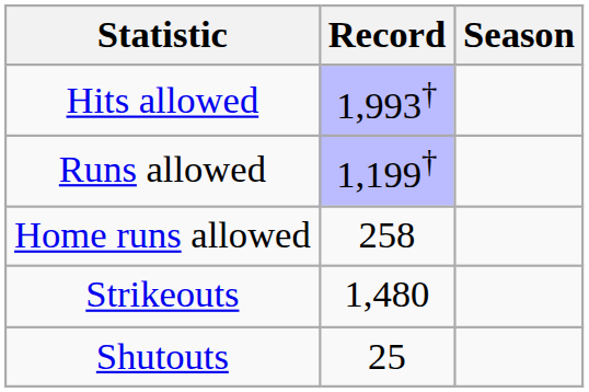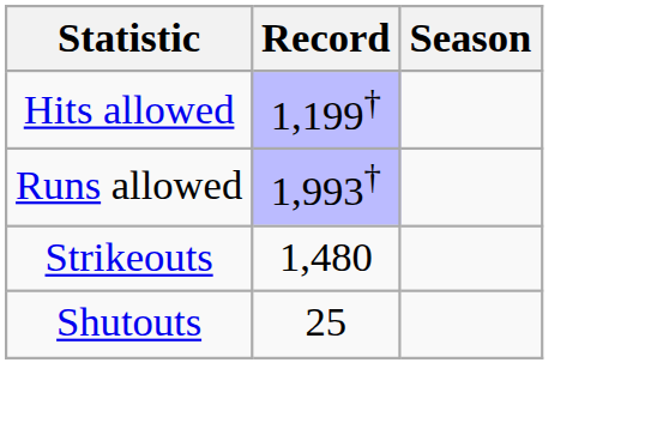 <table class="wikitable sortable" style="text-align:center">
 <tr>
 <th>Statistic</th>
 <th class="unsortable">Record</th>
 <th>Season</th>
 </tr>
 <tr>
 <td><a href='#'>Hits allowed</a></td>
-<td bgcolor="#bbbbff">1,993<sup>†</sup></td>
+<td bgcolor="#bbbbff">1,199<sup>†</sup></td>
 <td></td>
 </tr>
 <tr>
 <td><a href='#'>Runs</a> allowed</td>
-<td bgcolor="#bbbbff">1,199<sup>†</sup></td>
-<td></td>
-</tr>
-<tr>
-<td><a href='#'>Home runs</a> allowed</td>
-<td>258</td>
+<td bgcolor="#bbbbff">1,993<sup>†</sup></td>
 <td></td>
 </tr>
 <tr>
 <td><a href='#'>Strikeouts</a></td>
 <td>1,480</td>
 <td></td>
 </tr>
 <tr>
 <td><a href='#'>Shutouts</a></td>
 <td>25</td>
 <td></td>
 </tr>
 </table>
